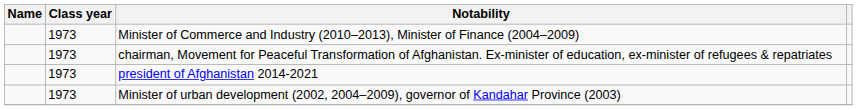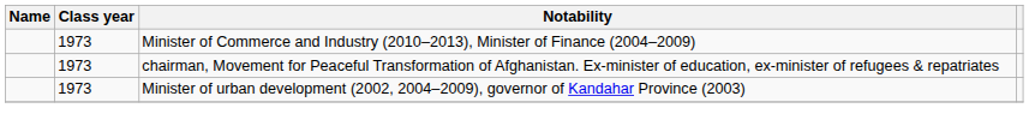 <table class="wikitable sortable" style="width:85%">
 <tr>
 <th scope="col">Name</th>
 <th scope="col">Class year</th>
 <th scope="col">Notability</th>
 <th scope="col"></th>
 </tr>
 <tr>
 <td></td>
 <td>1973</td>
 <td>Minister of Commerce and Industry (2010–2013), Minister of Finance (2004–2009)</td>
 <td style="text-align:center;"></td>
 </tr>
 <tr>
 <td></td>
 <td>1973</td>
 <td>chairman, Movement for Peaceful Transformation of Afghanistan. Ex-minister of education, ex-minister of refugees & repatriates</td>
 <td style="text-align:center;"></td>
 </tr>
 <tr>
 <td></td>
 <td>1973</td>
-<td><a href='#'>president of Afghanistan</a> 2014-2021</td>
-<td style="text-align:center;"></td>
-</tr>
-<tr>
-<td></td>
-<td>1973</td>
 <td>Minister of urban development (2002, 2004–2009), governor of <a href='#'>Kandahar</a> Province (2003)</td>
 <td style="text-align:center;"></td>
 </tr>
 <tr>
 </tr>
 </table>
